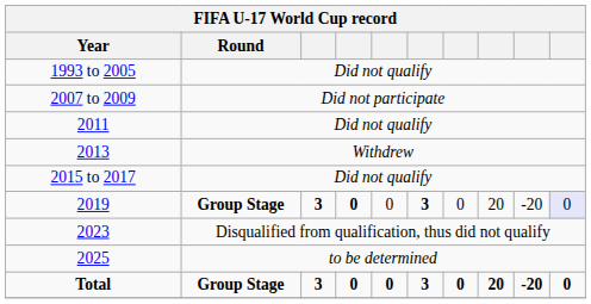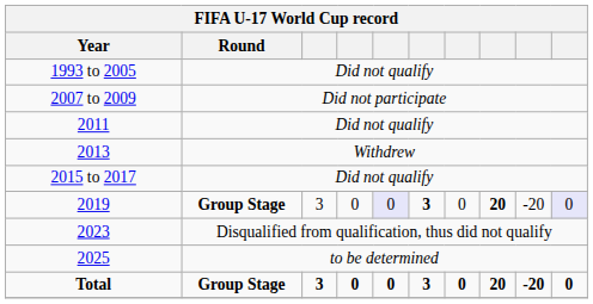 <table class="wikitable" style="text-align: center; font-size: 90%;">
 <tr>
 <th colspan=10>FIFA U-17 World Cup record</th>
 </tr>
 <tr>
 <th width=150>Year</th>
 <th width=100>Round</th>
 <th width=25></th>
 <th width=25></th>
 <th width=25></th>
 <th width=25></th>
 <th width=25></th>
 <th width=25></th>
 <th width=25></th>
 <th width=25></th>
 </tr>
 <tr>
 <td> <a href='#'>1993</a> to  <a href='#'>2005</a></td>
 <td colspan=10><em>Did not qualify</em></td>
 </tr>
 <tr>
 <td> <a href='#'>2007</a> to  <a href='#'>2009</a></td>
 <td colspan=10><em>Did not participate</em></td>
 </tr>
 <tr>
 <td> <a href='#'>2011</a></td>
 <td colspan=10><em>Did not qualify</em></td>
 </tr>
 <tr>
 <td> <a href='#'>2013</a></td>
 <td colspan=10><em>Withdrew</em></td>
 </tr>
 <tr>
 <td> <a href='#'>2015</a> to  <a href='#'>2017</a></td>
 <td colspan=10><em>Did not qualify</em></td>
 </tr>
 <tr>
 <td> <a href='#'>2019</a></td>
 <td><strong>Group Stage</strong></td>
-<td><strong>3</strong></td>
-<td><strong>0</strong></td>
+<td>3</td>
 <td>0</td>
+<td style="background: lavender;">0</td>
 <td><strong>3</strong></td>
 <td>0</td>
-<td>20</td>
+<td><strong>20</strong></td>
 <td>-20</td>
 <td style="background: lavender;">0</td>
 </tr>
 <tr>
 <td> <a href='#'>2023</a></td>
 <td colspan=10>Disqualified from qualification, thus did not qualify</td>
 </tr>
 <tr>
 <td> <a href='#'>2025</a></td>
 <td colspan=10><em>to be determined</em></td>
 </tr>
 <tr>
 <td><strong>Total</strong></td>
 <td><strong>Group Stage</strong></td>
 <td><strong>3</strong></td>
 <td><strong>0</strong></td>
 <td><strong>0</strong></td>
 <td><strong>3</strong></td>
 <td><strong>0</strong></td>
 <td><strong>20</strong></td>
 <td><strong>-20</strong></td>
 <td><strong>0</strong></td>
 </tr>
 <tr>
 </tr>
 </table>
